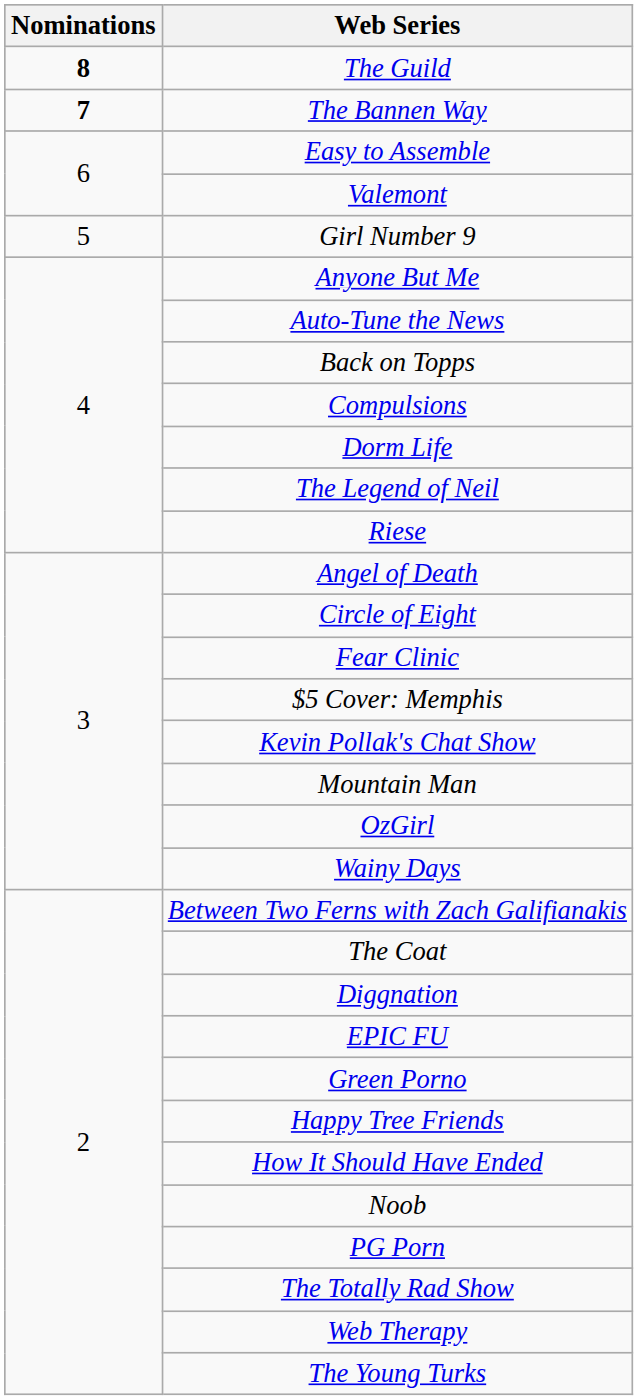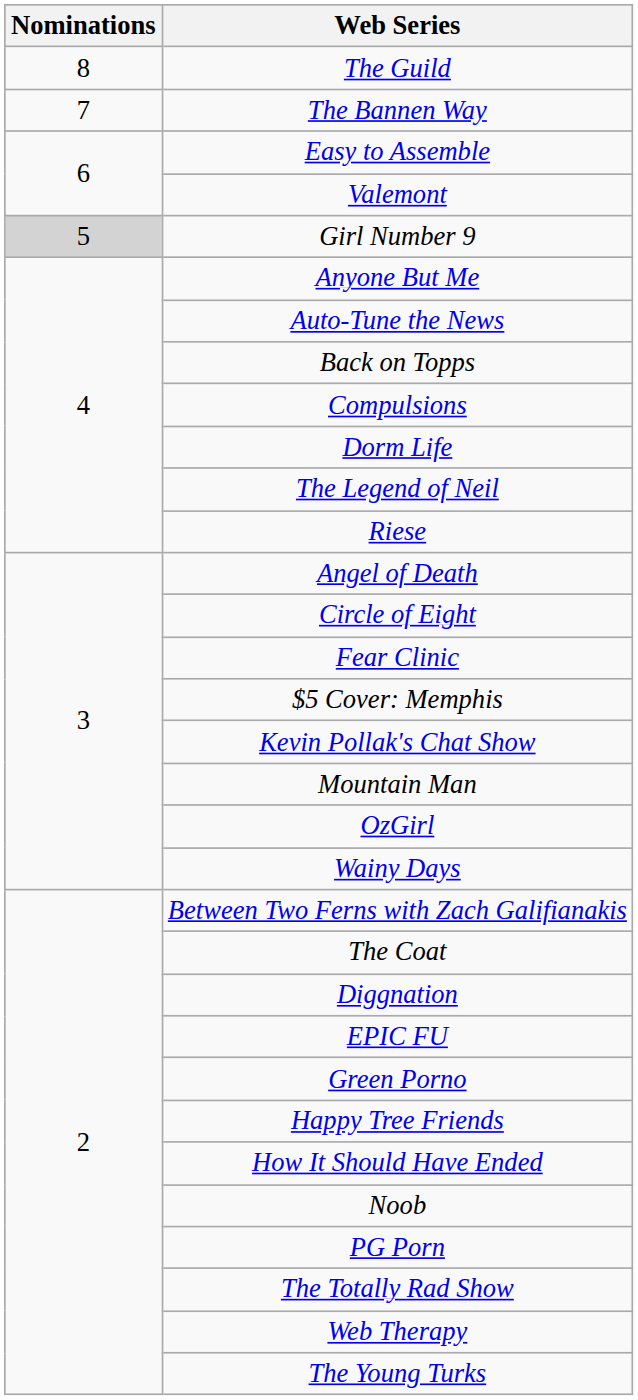 <table class="wikitable plainrowheaders" style="text-align:center;">
 <tr>
 <th scope="col" style="width:55px;">Nominations</th>
 <th scope="col" style="text-align:center;">Web Series</th>
 </tr>
 <tr>
-<td scope="row" style="text-align:center"><strong>8</strong></td>
+<td scope="row" style="text-align:center">8</td>
 <td><a href='#'><em>The Guild</em></a></td>
 </tr>
 <tr>
-<td scope="row" style="text-align:center"><strong>7</strong></td>
+<td scope="row" style="text-align:center">7</td>
 <td><em><a href='#'>The Bannen Way</a></em></td>
 </tr>
 <tr>
 <td rowspan="2">6</td>
 <td><em><a href='#'>Easy to Assemble</a></em></td>
 </tr>
 <tr>
 <td><em><a href='#'>Valemont</a></em></td>
 </tr>
 <tr>
-<td>5</td>
+<td style="background: lightgrey;">5</td>
 <td><em>Girl Number 9</em></td>
 </tr>
 <tr>
 <td rowspan="7">4</td>
 <td><em><a href='#'>Anyone But Me</a></em></td>
 </tr>
 <tr>
 <td><em><a href='#'>Auto-Tune the News</a></em></td>
 </tr>
 <tr>
 <td><em>Back on Topps</em></td>
 </tr>
 <tr>
 <td><em><a href='#'>Compulsions</a></em></td>
 </tr>
 <tr>
 <td><em><a href='#'>Dorm Life</a></em></td>
 </tr>
 <tr>
 <td><em><a href='#'>The Legend of Neil</a></em></td>
 </tr>
 <tr>
 <td><a href='#'><em>Riese</em></a></td>
 </tr>
 <tr>
 <td rowspan="8">3</td>
 <td><a href='#'><em>Angel of Death</em></a></td>
 </tr>
 <tr>
 <td><em><a href='#'>Circle of Eight</a></em></td>
 </tr>
 <tr>
 <td><em><a href='#'>Fear Clinic</a></em></td>
 </tr>
 <tr>
 <td><em>$5 Cover: Memphis</em></td>
 </tr>
 <tr>
 <td><em><a href='#'>Kevin Pollak's Chat Show</a></em></td>
 </tr>
 <tr>
 <td><em>Mountain Man</em></td>
 </tr>
 <tr>
 <td><em><a href='#'>OzGirl</a></em></td>
 </tr>
 <tr>
 <td><em><a href='#'>Wainy Days</a></em></td>
 </tr>
 <tr>
 <td rowspan="12">2</td>
 <td><em><a href='#'>Between Two Ferns with Zach Galifianakis</a></em></td>
 </tr>
 <tr>
 <td><em>The Coat</em></td>
 </tr>
 <tr>
 <td><em><a href='#'>Diggnation</a></em></td>
 </tr>
 <tr>
 <td><a href='#'><em>EPIC FU</em></a></td>
 </tr>
 <tr>
 <td><em><a href='#'>Green Porno</a></em></td>
 </tr>
 <tr>
 <td><em><a href='#'>Happy Tree Friends</a></em></td>
 </tr>
 <tr>
 <td><em><a href='#'>How It Should Have Ended</a></em></td>
 </tr>
 <tr>
 <td><em>Noob</em></td>
 </tr>
 <tr>
 <td><em><a href='#'>PG Porn</a></em></td>
 </tr>
 <tr>
 <td><em><a href='#'>The Totally Rad Show</a></em></td>
 </tr>
 <tr>
 <td><em><a href='#'>Web Therapy</a></em></td>
 </tr>
 <tr>
 <td><em><a href='#'>The Young Turks</a></em></td>
 </tr>
 </table>
